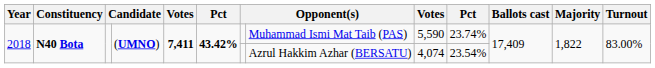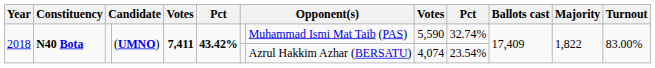 <table class="wikitable" style="margin:0.5em ; font-size:95%">
 <tr>
 <th>Year</th>
 <th>Constituency</th>
 <th colspan=2>Candidate</th>
 <th>Votes</th>
 <th>Pct</th>
 <th colspan=2>Opponent(s)</th>
 <th>Votes</th>
 <th>Pct</th>
 <th>Ballots cast</th>
 <th>Majority</th>
 <th>Turnout</th>
 </tr>
 <tr>
 <td rowspan=2><a href='#'>2018</a></td>
 <td rowspan=2><strong>N40 <a href='#'>Bota</a></strong></td>
 <td rowspan=2 ></td>
 <td rowspan=2> (<a href='#'><strong>UMNO</strong></a>)</td>
 <td rowspan=2 align="right"><strong>7,411</strong></td>
 <td rowspan=2><strong>43.42%</strong></td>
 <td></td>
 <td><a href='#'>Muhammad Ismi Mat Taib</a> (<a href='#'>PAS</a>)</td>
 <td align="right">5,590</td>
-<td>23.74%</td>
+<td>32.74%</td>
 <td rowspan=2>17,409</td>
 <td rowspan=2>1,822</td>
 <td rowspan=2>83.00%</td>
 </tr>
 <tr>
 <td></td>
 <td>Azrul Hakkim Azhar (<a href='#'>BERSATU</a>)</td>
 <td align="right">4,074</td>
 <td>23.54%</td>
 </tr>
 </table>
